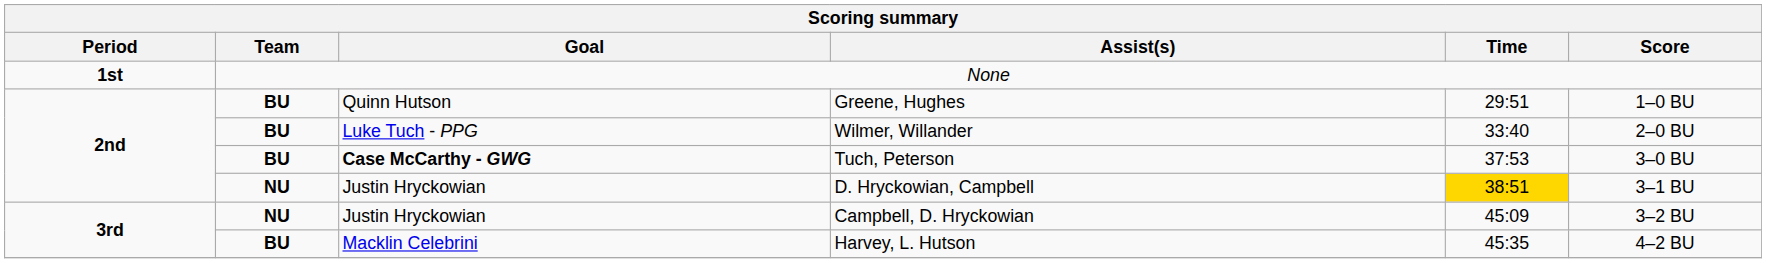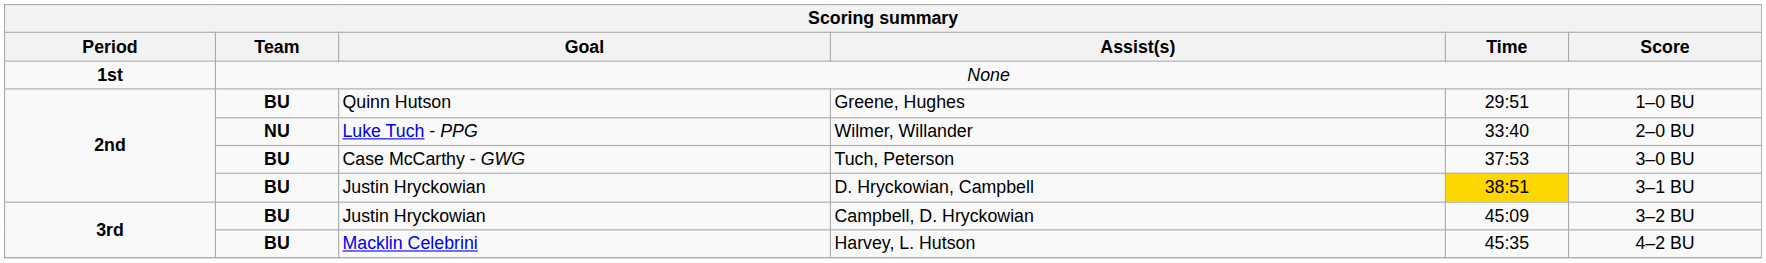 <table style="width:100%;" class="wikitable">
 <tr>
 <th colspan=6>Scoring summary</th>
 </tr>
 <tr>
 <th style="width:12%;">Period</th>
 <th style="width:7%;">Team</th>
 <th style="width:28%;">Goal</th>
 <th style="width:35%;">Assist(s)</th>
 <th style="width:7%;">Time</th>
 <th style="width:11%;">Score</th>
 </tr>
 <tr>
 <td style="text-align:center;" rowspan="1"><strong>1st</strong></td>
 <td style="text-align:center;" colspan="5"><em>None</em></td>
 </tr>
 <tr>
 <td style="text-align:center;" rowspan="4"><strong>2nd</strong></td>
 <td align=center><strong>BU</strong></td>
 <td>Quinn Hutson</td>
 <td>Greene, Hughes</td>
 <td align=center>29:51</td>
 <td align=center>1–0 BU</td>
 </tr>
 <tr>
-<td align=center><strong>BU</strong></td>
+<td align=center><strong>NU</strong></td>
 <td><a href='#'>Luke Tuch</a> - <em>PPG</em></td>
 <td>Wilmer, Willander</td>
 <td align=center>33:40</td>
 <td align=center>2–0 BU</td>
 </tr>
 <tr>
 <td align=center><strong>BU</strong></td>
-<td><strong>Case McCarthy - <em>GWG</em></strong></td>
+<td>Case McCarthy - <em>GWG</em></td>
 <td>Tuch, Peterson</td>
 <td align=center>37:53</td>
 <td align=center>3–0 BU</td>
 </tr>
 <tr>
-<td align=center><strong>NU</strong></td>
+<td align=center><strong>BU</strong></td>
 <td>Justin Hryckowian</td>
 <td>D. Hryckowian, Campbell</td>
 <td align=center style="background: gold;">38:51</td>
 <td align=center>3–1 BU</td>
 </tr>
 <tr>
 <td style="text-align:center;" rowspan="2"><strong>3rd</strong></td>
-<td align=center><strong>NU</strong></td>
+<td align=center><strong>BU</strong></td>
 <td>Justin Hryckowian</td>
 <td>Campbell, D. Hryckowian</td>
 <td align=center>45:09</td>
 <td align=center>3–2 BU</td>
 </tr>
 <tr>
 <td align=center><strong>BU</strong></td>
 <td><a href='#'>Macklin Celebrini</a></td>
 <td>Harvey, L. Hutson</td>
 <td align=center>45:35</td>
 <td align=center>4–2 BU</td>
 </tr>
 <tr>
 </tr>
 </table>
